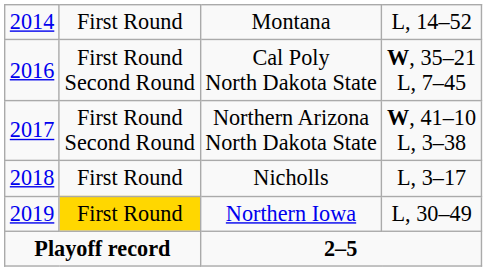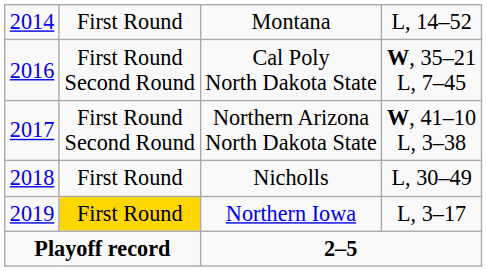 <table class="wikitable" style="text-align:center;">
 <tr align="center">
 <td><a href='#'>2014</a></td>
 <td>First Round</td>
 <td>Montana</td>
 <td>L, 14–52</td>
 </tr>
 <tr align="center">
 <td><a href='#'>2016</a></td>
 <td>First Round<br>Second Round</td>
 <td>Cal Poly<br>North Dakota State</td>
 <td><strong>W</strong>, 35–21<br> L, 7–45</td>
 </tr>
 <tr align="center">
 <td><a href='#'>2017</a></td>
 <td>First Round<br>Second Round</td>
 <td>Northern Arizona<br>North Dakota State</td>
 <td><strong>W</strong>, 41–10<br>L, 3–38</td>
 </tr>
 <tr align="center">
 <td><a href='#'>2018</a></td>
 <td>First Round</td>
 <td>Nicholls</td>
-<td>L, 3–17</td>
+<td>L, 30–49</td>
 </tr>
 <tr align="center">
 <td><a href='#'>2019</a></td>
 <td style="background: gold;">First Round</td>
 <td><a href='#'>Northern Iowa</a></td>
-<td>L, 30–49</td>
+<td>L, 3–17</td>
 </tr>
 <tr>
 <td colspan=2><strong>Playoff record</strong></td>
 <td colspan=3><strong>2–5</strong></td>
 </tr>
 </table>
